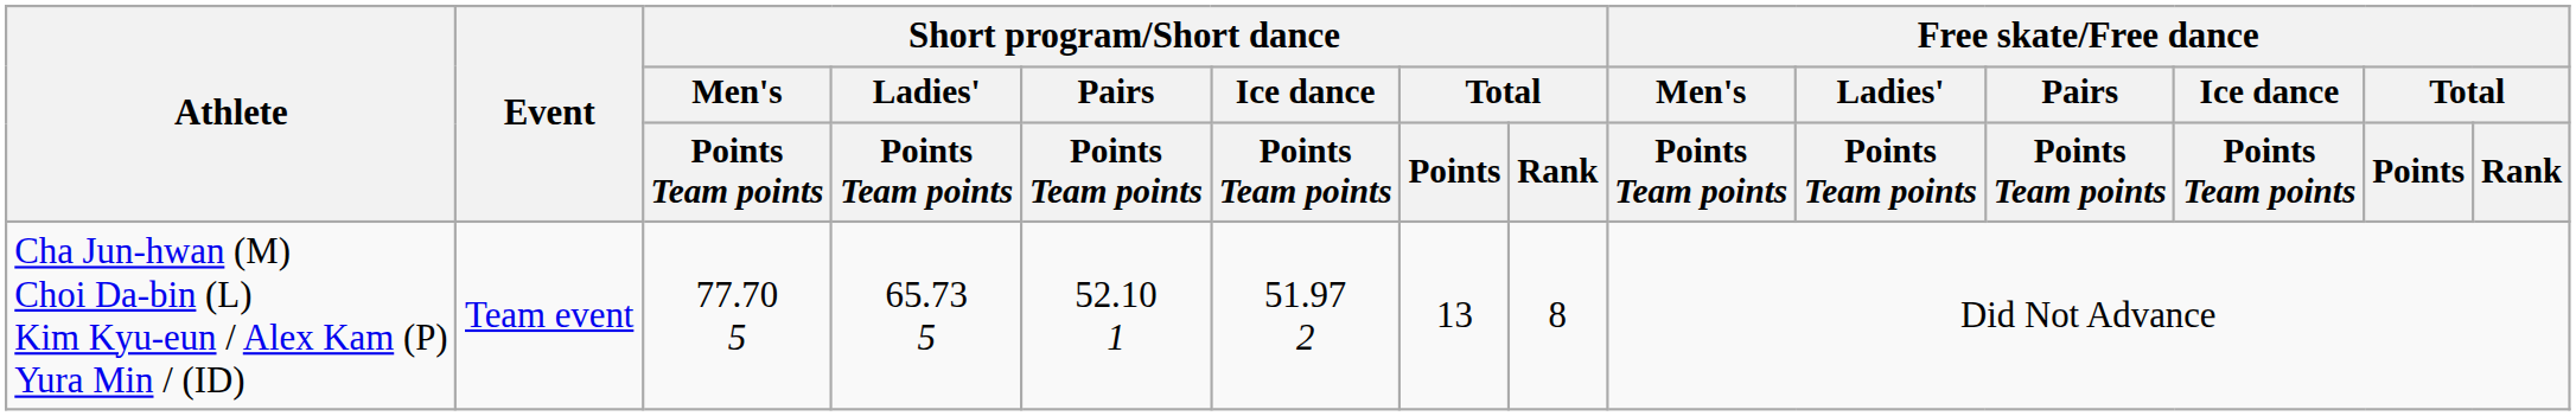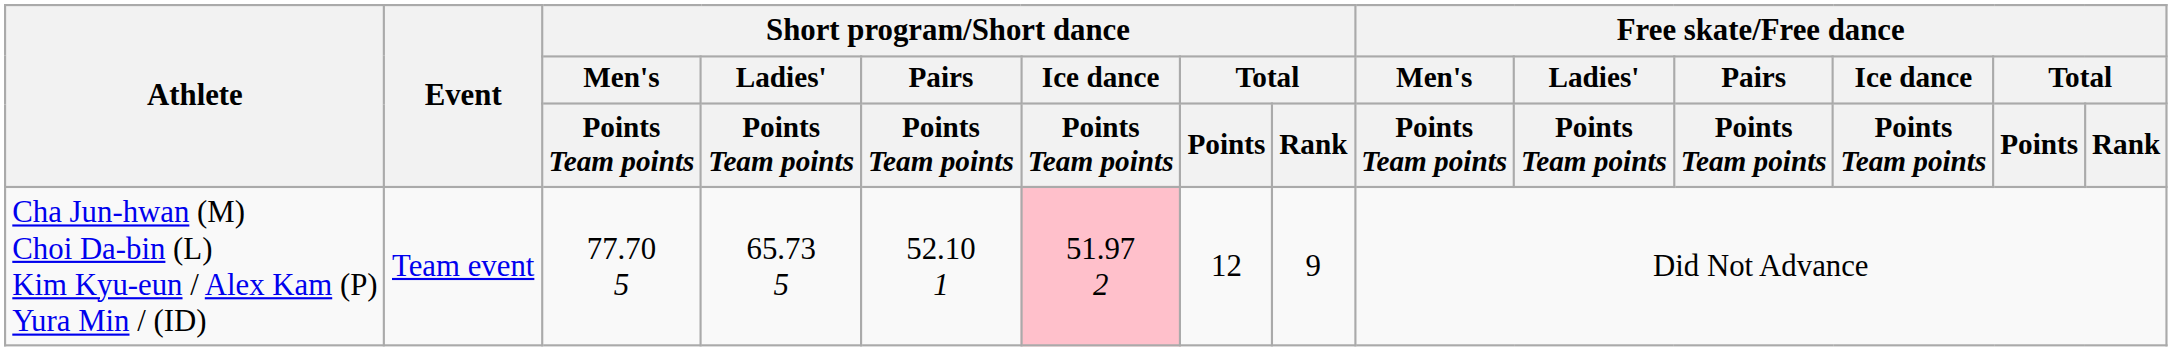 <table class="wikitable" style="font-size:90%">
 <tr>
 <th rowspan="3">Athlete</th>
 <th rowspan="3">Event</th>
 <th colspan="6">Short program/Short dance</th>
 <th colspan="6">Free skate/Free dance</th>
 </tr>
 <tr style="font-size:95%">
 <th>Men's</th>
 <th>Ladies'</th>
 <th>Pairs</th>
 <th>Ice dance</th>
 <th colspan="2">Total</th>
 <th>Men's</th>
 <th>Ladies'</th>
 <th>Pairs</th>
 <th>Ice dance</th>
 <th colspan="2">Total</th>
 </tr>
 <tr style="font-size:95%">
 <th>Points<br><em>Team points</em></th>
 <th>Points<br><em>Team points</em></th>
 <th>Points<br><em>Team points</em></th>
 <th>Points<br><em>Team points</em></th>
 <th>Points</th>
 <th>Rank</th>
 <th>Points<br><em>Team points</em></th>
 <th>Points<br><em>Team points</em></th>
 <th>Points<br><em>Team points</em></th>
 <th>Points<br><em>Team points</em></th>
 <th>Points</th>
 <th>Rank</th>
 </tr>
 <tr align="center">
 <td align="left"><a href='#'>Cha Jun-hwan</a> (M)<br><a href='#'>Choi Da-bin</a> (L)<br><a href='#'>Kim Kyu-eun</a> / <a href='#'>Alex Kam</a> (P)<br><a href='#'>Yura Min</a> /  (ID)</td>
 <td align="left"><a href='#'>Team event</a></td>
 <td>77.70<br><em>5</em></td>
 <td>65.73<br><em>5</em></td>
 <td>52.10<br><em>1</em></td>
-<td>51.97<br><em>2</em></td>
-<td>13</td>
-<td>8</td>
+<td style="background: pink;">51.97<br><em>2</em></td>
+<td>12</td>
+<td>9</td>
 <td colspan=6>Did Not Advance</td>
 </tr>
 </table>
